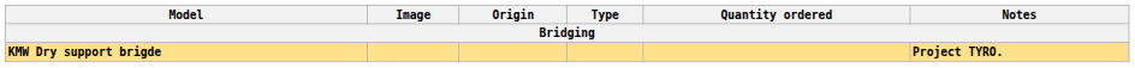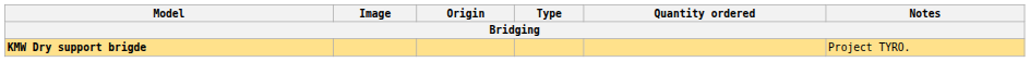 <table class="wikitable" style="width:100%;">
 <tr>
 <th>Model</th>
 <th>Image</th>
 <th>Origin</th>
 <th>Type</th>
 <th>Quantity ordered</th>
 <th>Notes</th>
 </tr>
 <tr>
 <th colspan="6">Bridging</th>
 </tr>
 <tr>
 <td style="background: #FFE18B;"><strong>KMW Dry support brigde</strong></td>
 <td style="background: #FFE18B"></td>
 <td style="background: #FFE18B;"><small></small></td>
 <td style="background: #FFE18B;"></td>
 <td style="background: #FFE18B;text-align: center"></td>
-<td style="background: #FFE18B;"><strong>Project TYRO.</strong></td>
+<td style="background: #FFE18B;">Project TYRO.</td>
 </tr>
 </table>
